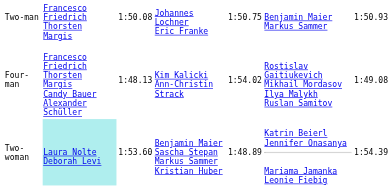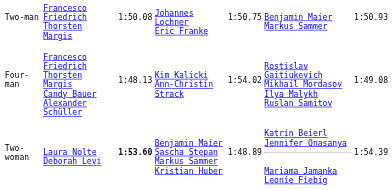 <table>
 <tr>
 <td>Two-man</td>
 <td><br><a href='#'>Francesco Friedrich</a><br><a href='#'>Thorsten Margis</a></td>
 <td>1:50.08</td>
 <td><br><a href='#'>Johannes Lochner</a><br><a href='#'>Eric Franke</a></td>
 <td>1:50.75</td>
 <td><br><a href='#'>Benjamin Maier</a><br><a href='#'>Markus Sammer</a></td>
 <td>1:50.93</td>
 </tr>
 <tr>
 <td>Four-man</td>
 <td><br><a href='#'>Francesco Friedrich</a><br><a href='#'>Thorsten Margis</a><br><a href='#'>Candy Bauer</a><br><a href='#'>Alexander Schüller</a></td>
 <td>1:48.13</td>
 <td><br><a href='#'>Kim Kalicki</a><br><a href='#'>Ann-Christin Strack</a></td>
 <td>1:54.02</td>
 <td><br><a href='#'>Rostislav Gaitiukevich</a><br><a href='#'>Mikhail Mordasov</a><br><a href='#'>Ilya Malykh</a><br><a href='#'>Ruslan Samitov</a></td>
 <td>1:49.08</td>
 </tr>
 <tr>
 <td>Two-woman</td>
-<td style="background: paleturquoise;"><br><a href='#'>Laura Nolte</a><br><a href='#'>Deborah Levi</a></td>
-<td>1:53.60</td>
+<td><br><a href='#'>Laura Nolte</a><br><a href='#'>Deborah Levi</a></td>
+<td><strong>1:53.60</strong></td>
 <td><br><a href='#'>Benjamin Maier</a><br><a href='#'>Sascha Stepan</a><br><a href='#'>Markus Sammer</a><br><a href='#'>Kristian Huber</a></td>
 <td>1:48.89</td>
 <td><br><a href='#'>Katrin Beierl</a><br><a href='#'>Jennifer Onasanya</a><hr><br><a href='#'>Mariama Jamanka</a><br><a href='#'>Leonie Fiebig</a></td>
 <td>1:54.39</td>
 </tr>
 </table>
